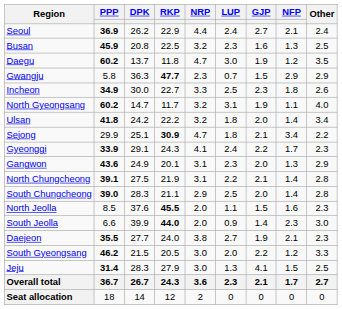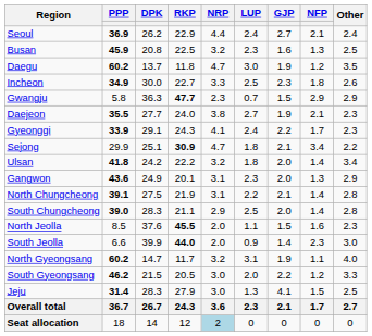 <table class="wikitable nowrap sortable" style="text-align:center; font-size:90%">
 <tr>
 <th rowspan="2">Region</th>
 <th style="width:40px" class="unsortable"><a href='#'>PPP</a></th>
 <th style="width:40px" class="unsortable"><a href='#'>DPK</a></th>
 <th style="width:40px" class="unsortable"><a href='#'>RKP</a></th>
 <th style="width:40px" class="unsortable"><a href='#'>NRP</a></th>
 <th style="width:40px" class="unsortable"><a href='#'>LUP</a></th>
 <th style="width:40px" class="unsortable"><a href='#'>GJP</a></th>
 <th style="width:40px" class="unsortable"><a href='#'>NFP</a></th>
 <th rowspan="2" style="width:40px" class="unsortable">Other</th>
 </tr>
 <tr>
 <th style="background:"></th>
 <th style="background:"></th>
 <th style="background:"></th>
 <th style="background:"></th>
 <th style="background:"></th>
 <th style="background:"></th>
 <th style="background:"></th>
 </tr>
 <tr>
 <td style="text-align:left"><a href='#'>Seoul</a></td>
 <td><strong>36.9</strong></td>
 <td>26.2</td>
 <td>22.9</td>
 <td>4.4</td>
 <td>2.4</td>
 <td>2.7</td>
 <td>2.1</td>
 <td>2.4</td>
 </tr>
 <tr>
 <td style="text-align:left"><a href='#'>Busan</a></td>
 <td><strong>45.9</strong></td>
 <td>20.8</td>
 <td>22.5</td>
 <td>3.2</td>
 <td>2.3</td>
 <td>1.6</td>
 <td>1.3</td>
 <td>2.5</td>
 </tr>
 <tr>
 <td style="text-align:left"><a href='#'>Daegu</a></td>
 <td><strong>60.2</strong></td>
 <td>13.7</td>
 <td>11.8</td>
 <td>4.7</td>
 <td>3.0</td>
 <td>1.9</td>
 <td>1.2</td>
 <td>3.5</td>
 </tr>
 <tr>
+<td style="text-align:left"><a href='#'>Incheon</a></td>
+<td><strong>34.9</strong></td>
+<td>30.0</td>
+<td>22.7</td>
+<td>3.3</td>
+<td>2.5</td>
+<td>2.3</td>
+<td>1.8</td>
+<td>2.6</td>
+</tr>
+<tr>
 <td style="text-align:left"><a href='#'>Gwangju</a></td>
 <td>5.8</td>
 <td>36.3</td>
 <td><strong>47.7</strong></td>
 <td>2.3</td>
 <td>0.7</td>
 <td>1.5</td>
 <td>2.9</td>
 <td>2.9</td>
 </tr>
 <tr>
-<td style="text-align:left"><a href='#'>Incheon</a></td>
-<td><strong>34.9</strong></td>
-<td>30.0</td>
-<td>22.7</td>
-<td>3.3</td>
-<td>2.5</td>
+<td style="text-align:left"><a href='#'>Daejeon</a></td>
+<td><strong>35.5</strong></td>
+<td>27.7</td>
+<td>24.0</td>
+<td>3.8</td>
+<td>2.7</td>
+<td>1.9</td>
+<td>2.1</td>
 <td>2.3</td>
-<td>1.8</td>
-<td>2.6</td>
 </tr>
 <tr>
-<td style="text-align:left" data-sort-value="Gyeongsang N"><a href='#'>North Gyeongsang</a></td>
-<td><strong>60.2</strong></td>
-<td>14.7</td>
-<td>11.7</td>
-<td>3.2</td>
-<td>3.1</td>
-<td>1.9</td>
-<td>1.1</td>
-<td>4.0</td>
-</tr>
-<tr>
-<td style="text-align:left"><a href='#'>Ulsan</a></td>
-<td><strong>41.8</strong></td>
-<td>24.2</td>
-<td>22.2</td>
-<td>3.2</td>
-<td>1.8</td>
-<td>2.0</td>
-<td>1.4</td>
-<td>3.4</td>
+<td style="text-align:left"><a href='#'>Gyeonggi</a></td>
+<td><strong>33.9</strong></td>
+<td>29.1</td>
+<td>24.3</td>
+<td>4.1</td>
+<td>2.4</td>
+<td>2.2</td>
+<td>1.7</td>
+<td>2.3</td>
 </tr>
 <tr>
 <td style="text-align:left"><a href='#'>Sejong</a></td>
 <td>29.9</td>
 <td>25.1</td>
 <td><strong>30.9</strong></td>
 <td>4.7</td>
 <td>1.8</td>
 <td>2.1</td>
 <td>3.4</td>
 <td>2.2</td>
 </tr>
 <tr>
-<td style="text-align:left"><a href='#'>Gyeonggi</a></td>
-<td><strong>33.9</strong></td>
-<td>29.1</td>
-<td>24.3</td>
-<td>4.1</td>
-<td>2.4</td>
-<td>2.2</td>
-<td>1.7</td>
-<td>2.3</td>
+<td style="text-align:left"><a href='#'>Ulsan</a></td>
+<td><strong>41.8</strong></td>
+<td>24.2</td>
+<td>22.2</td>
+<td>3.2</td>
+<td>1.8</td>
+<td>2.0</td>
+<td>1.4</td>
+<td>3.4</td>
 </tr>
 <tr>
 <td style="text-align:left"><a href='#'>Gangwon</a></td>
 <td><strong>43.6</strong></td>
 <td>24.9</td>
 <td>20.1</td>
 <td>3.1</td>
 <td>2.3</td>
 <td>2.0</td>
 <td>1.3</td>
 <td>2.9</td>
 </tr>
 <tr>
 <td style="text-align:left" data-sort-value="Chungcheong N"><a href='#'>North Chungcheong</a></td>
 <td><strong>39.1</strong></td>
 <td>27.5</td>
 <td>21.9</td>
 <td>3.1</td>
 <td>2.2</td>
 <td>2.1</td>
 <td>1.4</td>
 <td>2.8</td>
 </tr>
 <tr>
 <td style="text-align:left" data-sort-value="Chungcheong S"><a href='#'>South Chungcheong</a></td>
 <td><strong>39.0</strong></td>
 <td>28.3</td>
 <td>21.1</td>
 <td>2.9</td>
 <td>2.5</td>
 <td>2.0</td>
 <td>1.4</td>
 <td>2.8</td>
 </tr>
 <tr>
 <td style="text-align:left" data-sort-value="Jeolla N"><a href='#'>North Jeolla</a></td>
 <td>8.5</td>
 <td>37.6</td>
 <td><strong>45.5</strong></td>
 <td>2.0</td>
 <td>1.1</td>
 <td>1.5</td>
 <td>1.6</td>
 <td>2.3</td>
 </tr>
 <tr>
 <td style="text-align:left" data-sort-value="Jeolla S"><a href='#'>South Jeolla</a></td>
 <td>6.6</td>
 <td>39.9</td>
 <td><strong>44.0</strong></td>
 <td>2.0</td>
 <td>0.9</td>
 <td>1.4</td>
 <td>2.3</td>
 <td>3.0</td>
 </tr>
 <tr>
-<td style="text-align:left"><a href='#'>Daejeon</a></td>
-<td><strong>35.5</strong></td>
-<td>27.7</td>
-<td>24.0</td>
-<td>3.8</td>
-<td>2.7</td>
+<td style="text-align:left" data-sort-value="Gyeongsang N"><a href='#'>North Gyeongsang</a></td>
+<td><strong>60.2</strong></td>
+<td>14.7</td>
+<td>11.7</td>
+<td>3.2</td>
+<td>3.1</td>
 <td>1.9</td>
-<td>2.1</td>
-<td>2.3</td>
+<td>1.1</td>
+<td>4.0</td>
 </tr>
 <tr>
 <td style="text-align:left" data-sort-value="Gyeongsang S"><a href='#'>South Gyeongsang</a></td>
 <td><strong>46.2</strong></td>
 <td>21.5</td>
 <td>20.5</td>
 <td>3.0</td>
 <td>2.0</td>
 <td>2.2</td>
 <td>1.2</td>
 <td>3.3</td>
 </tr>
 <tr>
 <td style="text-align:left"><a href='#'>Jeju</a></td>
 <td><strong>31.4</strong></td>
 <td>28.3</td>
 <td>27.9</td>
 <td>3.0</td>
 <td>1.3</td>
 <td>4.1</td>
 <td>1.5</td>
 <td>2.5</td>
 </tr>
 <tr class="sortbottom">
 <th style="text-align:left">Overall total</th>
 <th>36.7</th>
 <th>26.7</th>
 <th>24.3</th>
 <th>3.6</th>
 <th>2.3</th>
 <th>2.1</th>
 <th>1.7</th>
 <th>2.7</th>
 </tr>
 <tr class="sortbottom">
 <th style="text-align:left">Seat allocation</th>
 <td>18</td>
 <td>14</td>
 <td>12</td>
-<td>2</td>
+<td style="background: lightblue;">2</td>
 <td>0</td>
 <td>0</td>
 <td>0</td>
 <td>0</td>
 </tr>
 </table>
